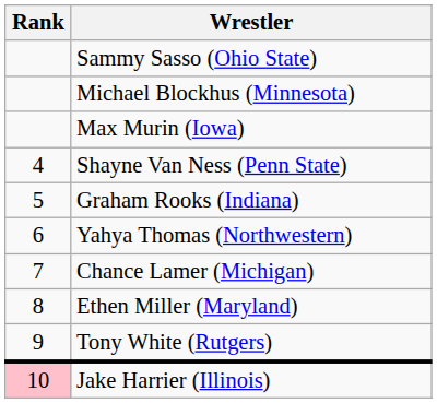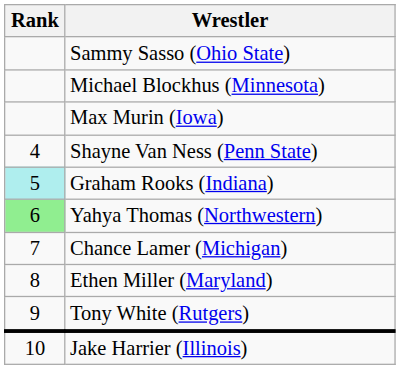 <table class="wikitable" style="text-align: center;">
 <tr>
 <th width="40">Rank</th>
 <th width="250">Wrestler</th>
 </tr>
 <tr>
 <td></td>
 <td align="left">Sammy Sasso (<a href='#'>Ohio State</a>)</td>
 </tr>
 <tr>
 <td></td>
 <td align="left">Michael Blockhus (<a href='#'>Minnesota</a>)</td>
 </tr>
 <tr>
 <td></td>
 <td align="left">Max Murin (<a href='#'>Iowa</a>)</td>
 </tr>
 <tr>
 <td>4</td>
 <td align="left">Shayne Van Ness (<a href='#'>Penn State</a>)</td>
 </tr>
 <tr>
-<td>5</td>
+<td style="background: paleturquoise;">5</td>
 <td align="left">Graham Rooks (<a href='#'>Indiana</a>)</td>
 </tr>
 <tr>
-<td>6</td>
+<td style="background: lightgreen;">6</td>
 <td align="left">Yahya Thomas (<a href='#'>Northwestern</a>)</td>
 </tr>
 <tr>
 <td>7</td>
 <td align="left">Chance Lamer (<a href='#'>Michigan</a>)</td>
 </tr>
 <tr>
 <td>8</td>
 <td align="left">Ethen Miller (<a href='#'>Maryland</a>)</td>
 </tr>
 <tr>
 <td>9</td>
 <td align="left">Tony White (<a href='#'>Rutgers</a>)</td>
 </tr>
 <tr style="border-top:3px solid black">
-<td style="background: pink;">10</td>
+<td>10</td>
 <td align="left">Jake Harrier (<a href='#'>Illinois</a>)</td>
 </tr>
 </table>
